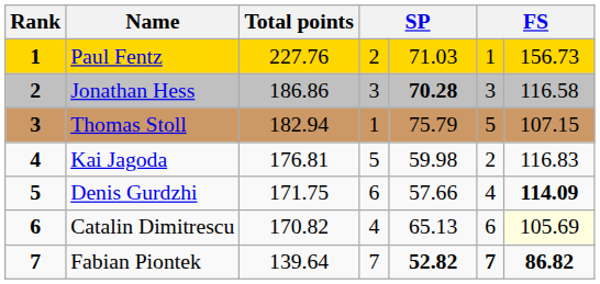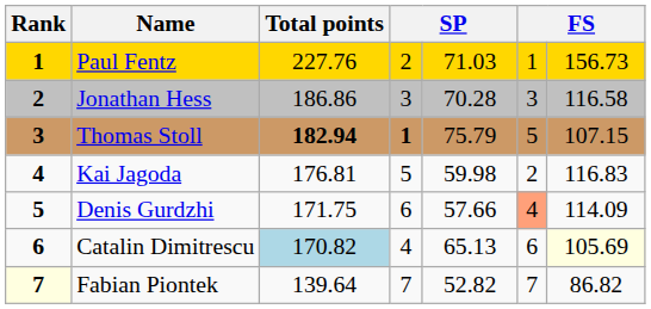 <table class="wikitable sortable">
 <tr>
 <th>Rank</th>
 <th>Name</th>
 <th>Total points</th>
 <th colspan="2" width="80px"><a href='#'>SP</a></th>
 <th colspan="2" width="80px"><a href='#'>FS</a></th>
 </tr>
 <tr bgcolor="gold">
 <td align="center"><strong>1</strong></td>
 <td><a href='#'>Paul Fentz</a></td>
 <td align="center">227.76</td>
 <td align="center">2</td>
 <td align="center">71.03</td>
 <td align="center">1</td>
 <td align="center">156.73</td>
 </tr>
 <tr bgcolor="silver">
 <td align="center"><strong>2</strong></td>
 <td><a href='#'>Jonathan Hess</a></td>
 <td align="center">186.86</td>
 <td align="center">3</td>
-<td align="center"><strong>70.28</strong></td>
+<td align="center">70.28</td>
 <td align="center">3</td>
 <td align="center">116.58</td>
 </tr>
 <tr bgcolor="cc9966">
 <td align="center"><strong>3</strong></td>
 <td><a href='#'>Thomas Stoll</a></td>
-<td align="center">182.94</td>
-<td align="center">1</td>
+<td align="center"><strong>182.94</strong></td>
+<td align="center"><strong>1</strong></td>
 <td align="center">75.79</td>
 <td align="center">5</td>
 <td align="center">107.15</td>
 </tr>
 <tr>
 <td align="center"><strong>4</strong></td>
 <td><a href='#'>Kai Jagoda</a></td>
 <td align="center">176.81</td>
 <td align="center">5</td>
 <td align="center">59.98</td>
 <td align="center">2</td>
 <td align="center">116.83</td>
 </tr>
 <tr>
 <td align="center"><strong>5</strong></td>
 <td><a href='#'>Denis Gurdzhi</a></td>
 <td align="center">171.75</td>
 <td align="center">6</td>
 <td align="center">57.66</td>
-<td align="center">4</td>
-<td align="center"><strong>114.09</strong></td>
+<td align="center" style="background: lightsalmon;">4</td>
+<td align="center">114.09</td>
 </tr>
 <tr>
 <td align="center"><strong>6</strong></td>
 <td>Catalin Dimitrescu</td>
-<td align="center">170.82</td>
+<td align="center" style="background: lightblue;">170.82</td>
 <td align="center">4</td>
 <td align="center">65.13</td>
 <td align="center">6</td>
 <td align="center" style="background: lightyellow;">105.69</td>
 </tr>
 <tr>
-<td align="center"><strong>7</strong></td>
+<td align="center" style="background: lightyellow;"><strong>7</strong></td>
 <td>Fabian Piontek</td>
 <td align="center">139.64</td>
 <td align="center">7</td>
-<td align="center"><strong>52.82</strong></td>
-<td align="center"><strong>7</strong></td>
-<td align="center"><strong>86.82</strong></td>
+<td align="center">52.82</td>
+<td align="center">7</td>
+<td align="center">86.82</td>
 </tr>
 </table>
